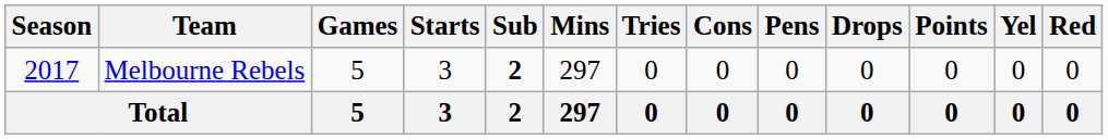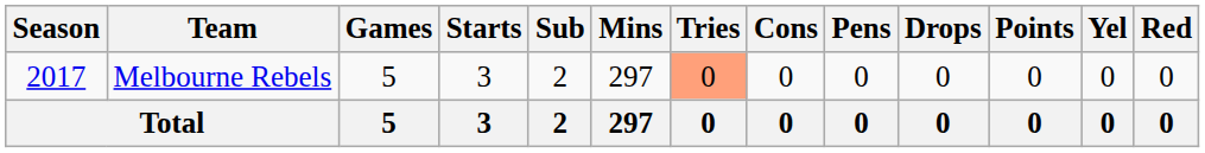 <table class="wikitable" style="text-align:center">
 <tr>
 <th>Season</th>
 <th>Team</th>
 <th>Games</th>
 <th>Starts</th>
 <th>Sub</th>
 <th>Mins</th>
 <th>Tries</th>
 <th>Cons</th>
 <th>Pens</th>
 <th>Drops</th>
 <th>Points</th>
 <th>Yel</th>
 <th>Red</th>
 </tr>
 <tr>
 <td><a href='#'>2017</a></td>
 <td><a href='#'>Melbourne Rebels</a></td>
 <td>5</td>
 <td>3</td>
-<td><strong>2</strong></td>
+<td>2</td>
 <td>297</td>
-<td>0</td>
+<td style="background: lightsalmon;">0</td>
 <td>0</td>
 <td>0</td>
 <td>0</td>
 <td>0</td>
 <td>0</td>
 <td>0</td>
 </tr>
 <tr>
 <th colspan="2">Total</th>
 <th>5</th>
 <th>3</th>
 <th>2</th>
 <th>297</th>
 <th>0</th>
 <th>0</th>
 <th>0</th>
 <th>0</th>
 <th>0</th>
 <th>0</th>
 <th>0</th>
 </tr>
 </table>
